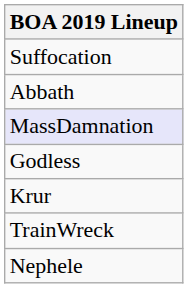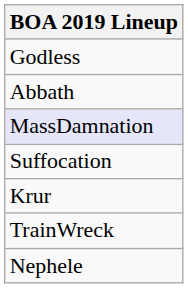 <table class="wikitable">
 <tr>
 <th>BOA 2019 Lineup</th>
 </tr>
 <tr>
-<td>Suffocation</td>
+<td>Godless</td>
 </tr>
 <tr>
 <td>Abbath</td>
 </tr>
 <tr>
 <td style="background: lavender;">MassDamnation</td>
 </tr>
 <tr>
-<td>Godless</td>
+<td>Suffocation</td>
 </tr>
 <tr>
 <td>Krur</td>
 </tr>
 <tr>
 <td>TrainWreck</td>
 </tr>
 <tr>
 <td>Nephele</td>
 </tr>
 </table>
